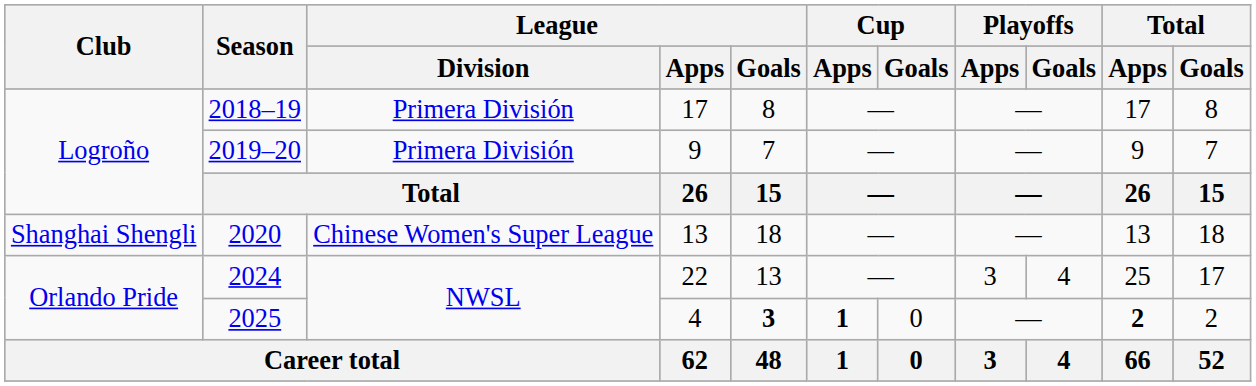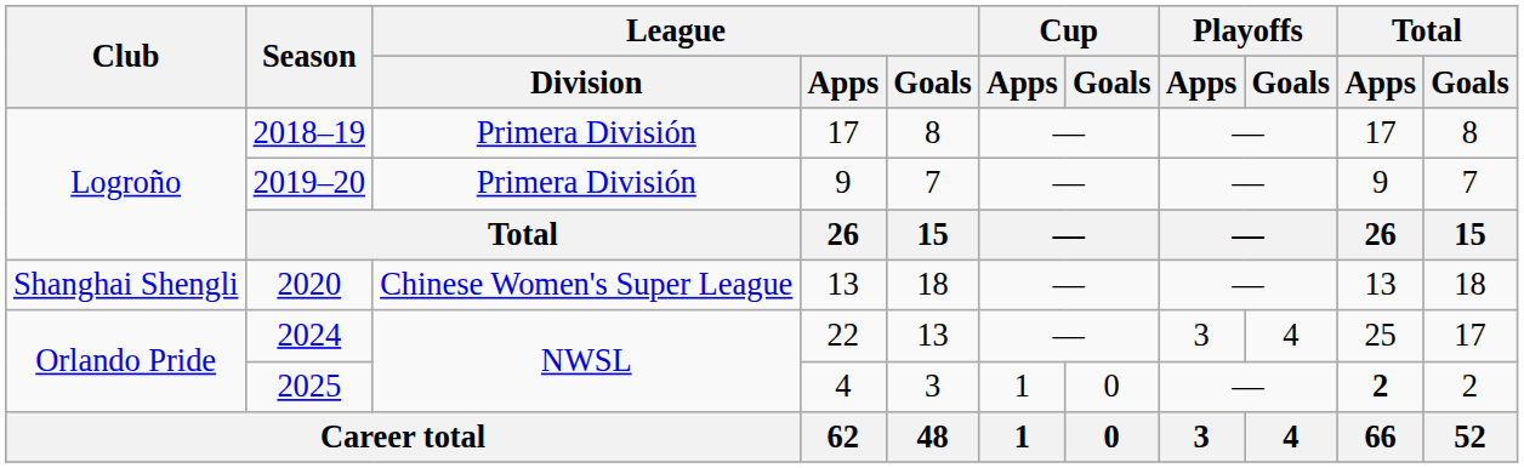 <table class="wikitable" style="text-align: center;">
 <tr>
 <th rowspan="2">Club</th>
 <th rowspan="2">Season</th>
 <th colspan="3">League</th>
 <th colspan="2">Cup</th>
 <th colspan="2">Playoffs</th>
 <th colspan="2">Total</th>
 </tr>
 <tr>
 <th>Division</th>
 <th>Apps</th>
 <th>Goals</th>
 <th>Apps</th>
 <th>Goals</th>
 <th>Apps</th>
 <th>Goals</th>
 <th>Apps</th>
 <th>Goals</th>
 </tr>
 <tr>
 <td rowspan="3"><a href='#'>Logroño</a></td>
 <td><a href='#'>2018–19</a></td>
 <td><a href='#'>Primera División</a></td>
 <td>17</td>
 <td>8</td>
 <td colspan="2">—</td>
 <td colspan="2">—</td>
 <td>17</td>
 <td>8</td>
 </tr>
 <tr>
 <td><a href='#'>2019–20</a></td>
 <td><a href='#'>Primera División</a></td>
 <td>9</td>
 <td>7</td>
 <td colspan="2">—</td>
 <td colspan="2">—</td>
 <td>9</td>
 <td>7</td>
 </tr>
 <tr>
 <th colspan="2">Total</th>
 <th>26</th>
 <th>15</th>
 <th colspan="2">—</th>
 <th colspan="2">—</th>
 <th>26</th>
 <th>15</th>
 </tr>
 <tr>
 <td><a href='#'>Shanghai Shengli</a></td>
 <td><a href='#'>2020</a></td>
 <td><a href='#'>Chinese Women's Super League</a></td>
 <td>13</td>
 <td>18</td>
 <td colspan="2">—</td>
 <td colspan="2">—</td>
 <td>13</td>
 <td>18</td>
 </tr>
 <tr>
 <td rowspan="2"><a href='#'>Orlando Pride</a></td>
 <td><a href='#'>2024</a></td>
 <td rowspan="2"><a href='#'>NWSL</a></td>
 <td>22</td>
 <td>13</td>
 <td colspan="2">—</td>
 <td>3</td>
 <td>4</td>
 <td>25</td>
 <td>17</td>
 </tr>
 <tr>
 <td><a href='#'>2025</a></td>
 <td>4</td>
-<td><strong>3</strong></td>
-<td><strong>1</strong></td>
+<td>3</td>
+<td>1</td>
 <td>0</td>
 <td colspan="2">—</td>
 <td><strong>2</strong></td>
 <td>2</td>
 </tr>
 <tr>
 <th colspan="3">Career total</th>
 <th>62</th>
 <th>48</th>
 <th>1</th>
 <th>0</th>
 <th>3</th>
 <th>4</th>
 <th>66</th>
 <th>52</th>
 </tr>
 </table>
